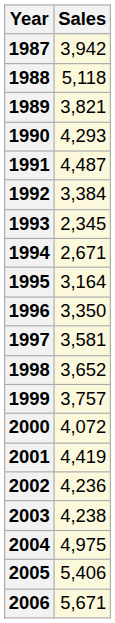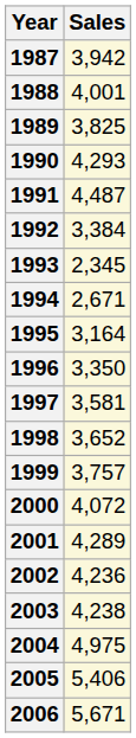 <table class="wikitable" style="text-align: right; display:inline-table">
 <tr>
 <th>Year</th>
 <th>Sales</th>
 </tr>
 <tr>
 <th>1987</th>
 <td style="background:#fbf8db; align:right;">3,942</td>
 </tr>
 <tr>
 <th>1988</th>
-<td style="background:#fbf8db; align:right;">5,118</td>
+<td style="background:#fbf8db; align:right;">4,001</td>
 </tr>
 <tr>
 <th>1989</th>
-<td style="background:#fbf8db; align:right;">3,821</td>
+<td style="background:#fbf8db; align:right;">3,825</td>
 </tr>
 <tr>
 <th>1990</th>
 <td style="background:#fbf8db; align:right;">4,293</td>
 </tr>
 <tr>
 <th>1991</th>
 <td style="background:#fbf8db; align:right;">4,487</td>
 </tr>
 <tr>
 <th>1992</th>
 <td style="background:#fbf8db; align:right;">3,384</td>
 </tr>
 <tr>
 <th>1993</th>
 <td style="background:#fbf8db; align:right;">2,345</td>
 </tr>
 <tr>
 <th>1994</th>
 <td style="background:#fbf8db; align:right;">2,671</td>
 </tr>
 <tr>
 <th>1995</th>
 <td style="background:#fbf8db; align:right;">3,164</td>
 </tr>
 <tr>
 <th>1996</th>
 <td style="background:#fbf8db; align:right;">3,350</td>
 </tr>
 <tr>
 <th>1997</th>
 <td style="background:#fbf8db; align:right;">3,581</td>
 </tr>
 <tr>
 <th>1998</th>
 <td style="background:#fbf8db; align:right;">3,652</td>
 </tr>
 <tr>
 <th>1999</th>
 <td style="background:#fbf8db; align:right;">3,757</td>
 </tr>
 <tr>
 <th>2000</th>
 <td style="background:#fbf8db; align:right;">4,072</td>
 </tr>
 <tr>
 <th>2001</th>
-<td style="background:#fbf8db; align:right;">4,419</td>
+<td style="background:#fbf8db; align:right;">4,289</td>
 </tr>
 <tr>
 <th>2002</th>
 <td style="background:#fbf8db; align:right;">4,236</td>
 </tr>
 <tr>
 <th>2003</th>
 <td style="background:#fbf8db; align:right;">4,238</td>
 </tr>
 <tr>
 <th>2004</th>
 <td style="background:#fbf8db; align:right;">4,975</td>
 </tr>
 <tr>
 <th>2005</th>
 <td style="background:#fbf8db; align:right;">5,406</td>
 </tr>
 <tr>
 <th>2006</th>
 <td style="background:#fbf8db; align:right;">5,671</td>
 </tr>
 </table>
